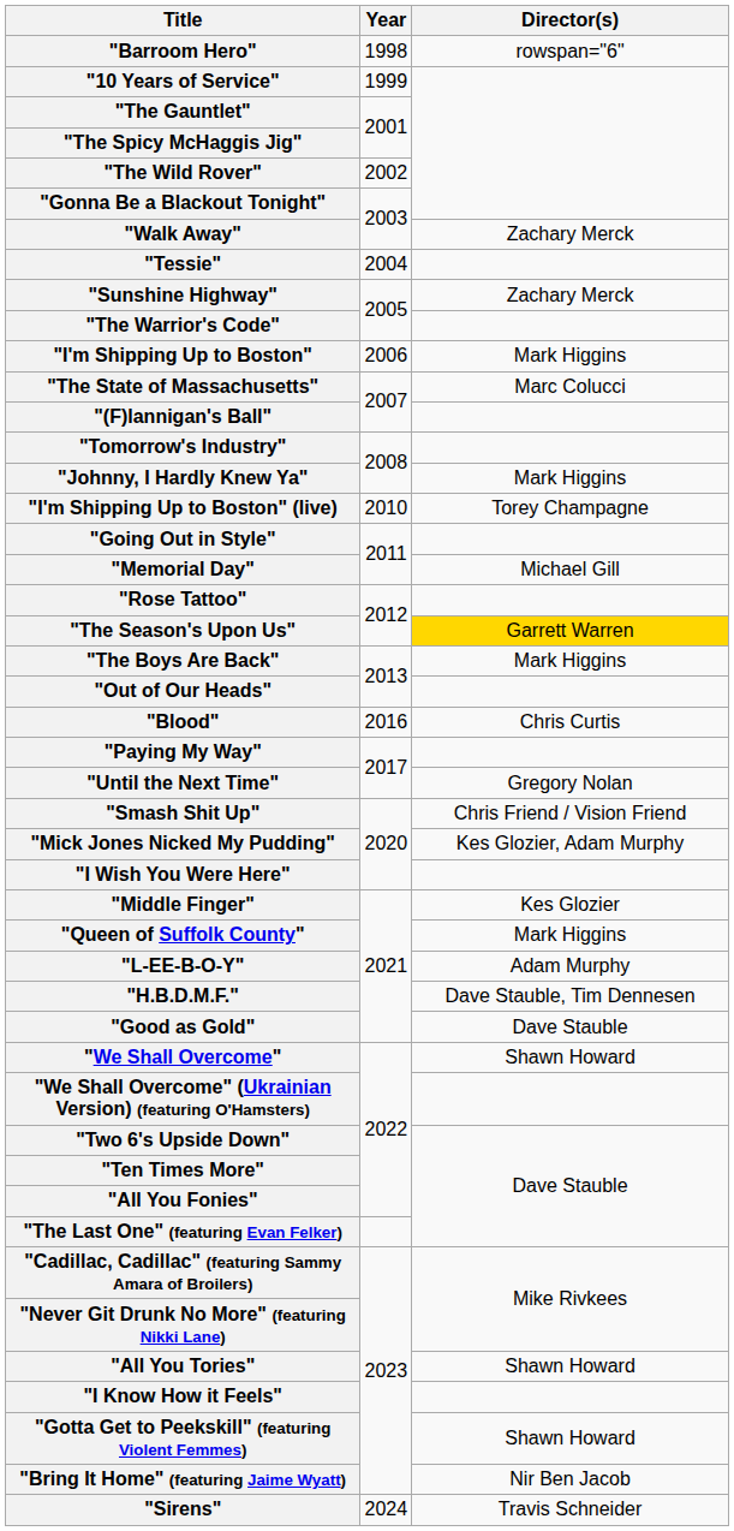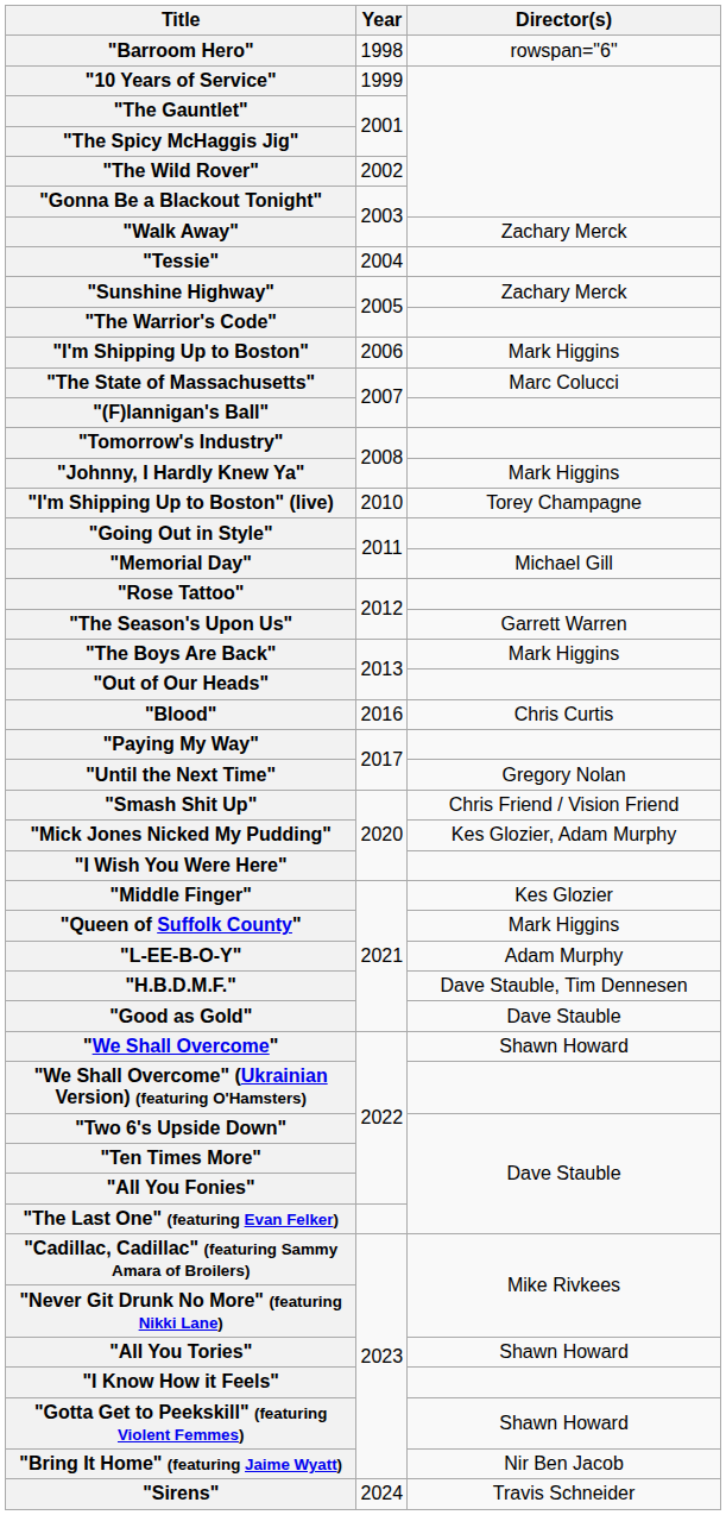 <table class="wikitable plainrowheaders" style="text-align:center;">
 <tr>
 <th scope="col" style="width:18em;">Title</th>
 <th scope="col">Year</th>
 <th scope="col" style="width:16em;">Director(s)</th>
 </tr>
 <tr>
 <th scope="row">"Barroom Hero"</th>
 <td>1998</td>
 <td>rowspan="6" </td>
 </tr>
 <tr>
 <th scope="row">"10 Years of Service"</th>
 <td>1999</td>
 </tr>
 <tr>
 <th scope="row">"The Gauntlet"</th>
 <td rowspan="2">2001</td>
 </tr>
 <tr>
 <th scope="row">"The Spicy McHaggis Jig"</th>
 </tr>
 <tr>
 <th scope="row">"The Wild Rover"</th>
 <td>2002</td>
 </tr>
 <tr>
 <th scope="row">"Gonna Be a Blackout Tonight"</th>
 <td rowspan="2">2003</td>
 </tr>
 <tr>
 <th scope="row">"Walk Away"</th>
 <td>Zachary Merck</td>
 </tr>
 <tr>
 <th scope="row">"Tessie"</th>
 <td>2004</td>
 <td></td>
 </tr>
 <tr>
 <th scope="row">"Sunshine Highway"</th>
 <td rowspan="2">2005</td>
 <td>Zachary Merck</td>
 </tr>
 <tr>
 <th scope="row">"The Warrior's Code"</th>
 <td></td>
 </tr>
 <tr>
 <th scope="row">"I'm Shipping Up to Boston"</th>
 <td>2006</td>
 <td>Mark Higgins</td>
 </tr>
 <tr>
 <th scope="row">"The State of Massachusetts"</th>
 <td rowspan="2">2007</td>
 <td>Marc Colucci</td>
 </tr>
 <tr>
 <th scope="row">"(F)lannigan's Ball"</th>
 <td></td>
 </tr>
 <tr>
 <th scope="row">"Tomorrow's Industry"</th>
 <td rowspan="2">2008</td>
 <td></td>
 </tr>
 <tr>
 <th scope="row">"Johnny, I Hardly Knew Ya"</th>
 <td>Mark Higgins</td>
 </tr>
 <tr>
 <th scope="row">"I'm Shipping Up to Boston" (live)</th>
 <td>2010</td>
 <td>Torey Champagne</td>
 </tr>
 <tr>
 <th scope="row">"Going Out in Style"</th>
 <td rowspan="2">2011</td>
 <td></td>
 </tr>
 <tr>
 <th scope="row">"Memorial Day"</th>
 <td>Michael Gill</td>
 </tr>
 <tr>
 <th scope="row">"Rose Tattoo"</th>
 <td rowspan="2">2012</td>
 <td></td>
 </tr>
 <tr>
 <th scope="row">"The Season's Upon Us"</th>
-<td style="background: gold;">Garrett Warren</td>
+<td>Garrett Warren</td>
 </tr>
 <tr>
 <th scope="row">"The Boys Are Back"</th>
 <td rowspan="2">2013</td>
 <td>Mark Higgins</td>
 </tr>
 <tr>
 <th scope="row">"Out of Our Heads"</th>
 <td></td>
 </tr>
 <tr>
 <th scope="row">"Blood"</th>
 <td>2016</td>
 <td>Chris Curtis</td>
 </tr>
 <tr>
 <th scope="row">"Paying My Way"</th>
 <td rowspan="2">2017</td>
 <td></td>
 </tr>
 <tr>
 <th scope="row">"Until the Next Time"</th>
 <td>Gregory Nolan</td>
 </tr>
 <tr>
 <th scope="row">"Smash Shit Up"</th>
 <td rowspan="3">2020</td>
 <td>Chris Friend / Vision Friend</td>
 </tr>
 <tr>
 <th scope="row">"Mick Jones Nicked My Pudding"</th>
 <td>Kes Glozier, Adam Murphy</td>
 </tr>
 <tr>
 <th scope="row">"I Wish You Were Here"</th>
 <td></td>
 </tr>
 <tr>
 <th scope="row">"Middle Finger"</th>
 <td rowspan="5">2021</td>
 <td>Kes Glozier</td>
 </tr>
 <tr>
 <th scope="row">"Queen of <a href='#'>Suffolk County</a>"</th>
 <td>Mark Higgins</td>
 </tr>
 <tr>
 <th scope="row">"L-EE-B-O-Y"</th>
 <td>Adam Murphy</td>
 </tr>
 <tr>
 <th scope="row">"H.B.D.M.F."</th>
 <td>Dave Stauble, Tim Dennesen</td>
 </tr>
 <tr>
 <th scope="row">"Good as Gold"</th>
 <td>Dave Stauble</td>
 </tr>
 <tr>
 <th scope="row">"<a href='#'>We Shall Overcome</a>"</th>
 <td rowspan="6">2022</td>
 <td>Shawn Howard</td>
 </tr>
 <tr>
 <th scope="row">"We Shall Overcome" (<a href='#'>Ukrainian</a> Version) <small>(featuring O'Hamsters)</small></th>
 <td></td>
 </tr>
 <tr>
 </tr>
 <tr>
 <th scope="row">"Two 6's Upside Down"</th>
 <td rowspan="4">Dave Stauble</td>
 </tr>
 <tr>
 <th scope="row">"Ten Times More"</th>
 </tr>
 <tr>
 <th scope="row">"All You Fonies"</th>
 </tr>
 <tr>
 <th scope="row">"The Last One" <small>(featuring <a href='#'>Evan Felker</a>)</small></th>
 </tr>
 <tr>
 <th scope="row">"Cadillac, Cadillac" <small>(featuring Sammy Amara of Broilers)</small></th>
 <td rowspan="6">2023</td>
 <td rowspan="2">Mike Rivkees</td>
 </tr>
 <tr>
 <th scope="row">"Never Git Drunk No More" <small>(featuring <a href='#'>Nikki Lane</a>)</small></th>
 </tr>
 <tr>
 <th scope="row">"All You Tories"</th>
 <td>Shawn Howard</td>
 </tr>
 <tr>
 <th scope="row">"I Know How it Feels"</th>
 <td></td>
 </tr>
 <tr>
 <th scope="row">"Gotta Get to Peekskill" <small>(featuring <a href='#'>Violent Femmes</a>)</small></th>
 <td>Shawn Howard</td>
 </tr>
 <tr>
 <th scope="row">"Bring It Home" <small>(featuring <a href='#'>Jaime Wyatt</a>)</small></th>
 <td>Nir Ben Jacob</td>
 </tr>
 <tr>
 <th scope="row">"Sirens"</th>
 <td>2024</td>
 <td>Travis Schneider</td>
 </tr>
 <tr>
 </tr>
 </table>
